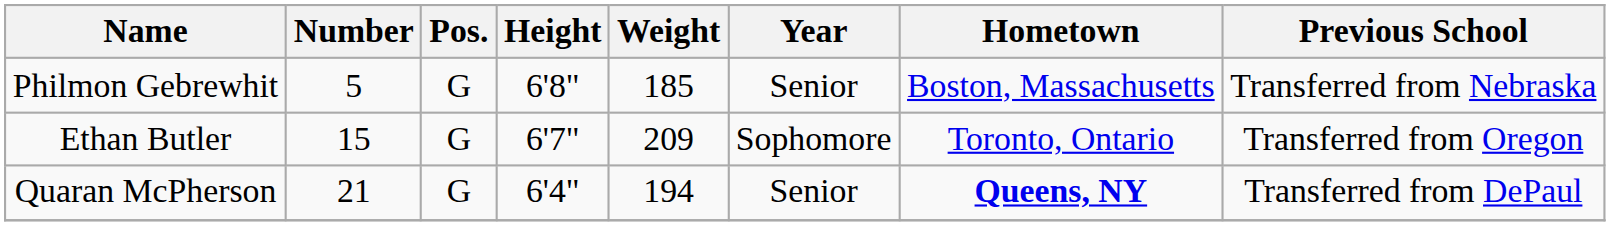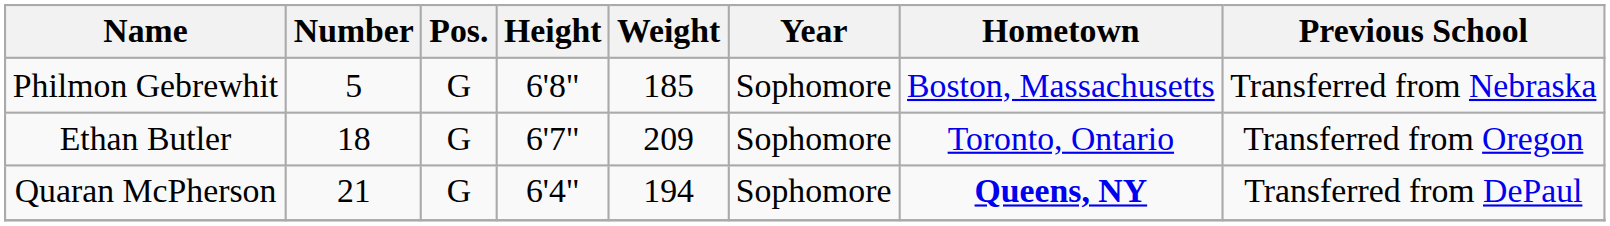 <table class="wikitable sortable sortable" style="text-align: center">
 <tr align=center>
 <th style="background:#">Name</th>
 <th style="background:#">Number</th>
 <th style="background:#">Pos.</th>
 <th style="background:#">Height</th>
 <th style="background:#">Weight</th>
 <th style="background:#">Year</th>
 <th style="background:#">Hometown</th>
 <th style="background:#">Previous School</th>
 </tr>
 <tr>
 <td>Philmon Gebrewhit</td>
 <td>5</td>
 <td>G</td>
 <td>6'8"</td>
 <td>185</td>
-<td>Senior</td>
+<td>Sophomore</td>
 <td><a href='#'>Boston, Massachusetts</a></td>
 <td>Transferred from <a href='#'>Nebraska</a></td>
 </tr>
 <tr>
 <td>Ethan Butler</td>
-<td>15</td>
+<td>18</td>
 <td>G</td>
 <td>6'7"</td>
 <td>209</td>
 <td>Sophomore</td>
 <td><a href='#'>Toronto, Ontario</a></td>
 <td>Transferred from <a href='#'>Oregon</a></td>
 </tr>
 <tr>
 <td>Quaran McPherson</td>
 <td>21</td>
 <td>G</td>
 <td>6'4"</td>
 <td>194</td>
-<td>Senior</td>
+<td>Sophomore</td>
 <td><strong><a href='#'>Queens, NY</a></strong></td>
 <td>Transferred from <a href='#'>DePaul</a></td>
 </tr>
 <tr>
 </tr>
 </table>
